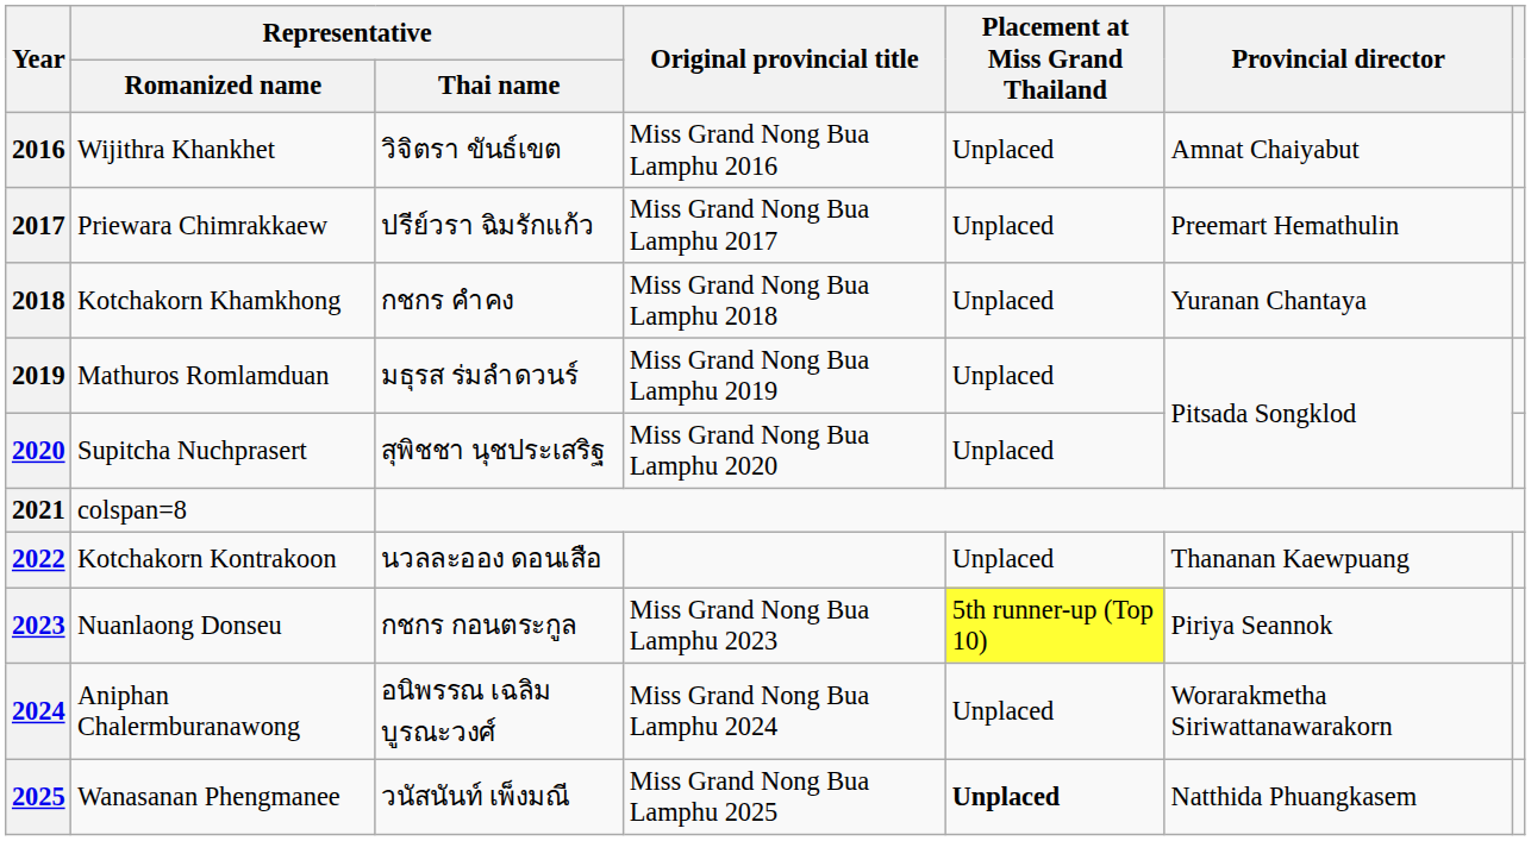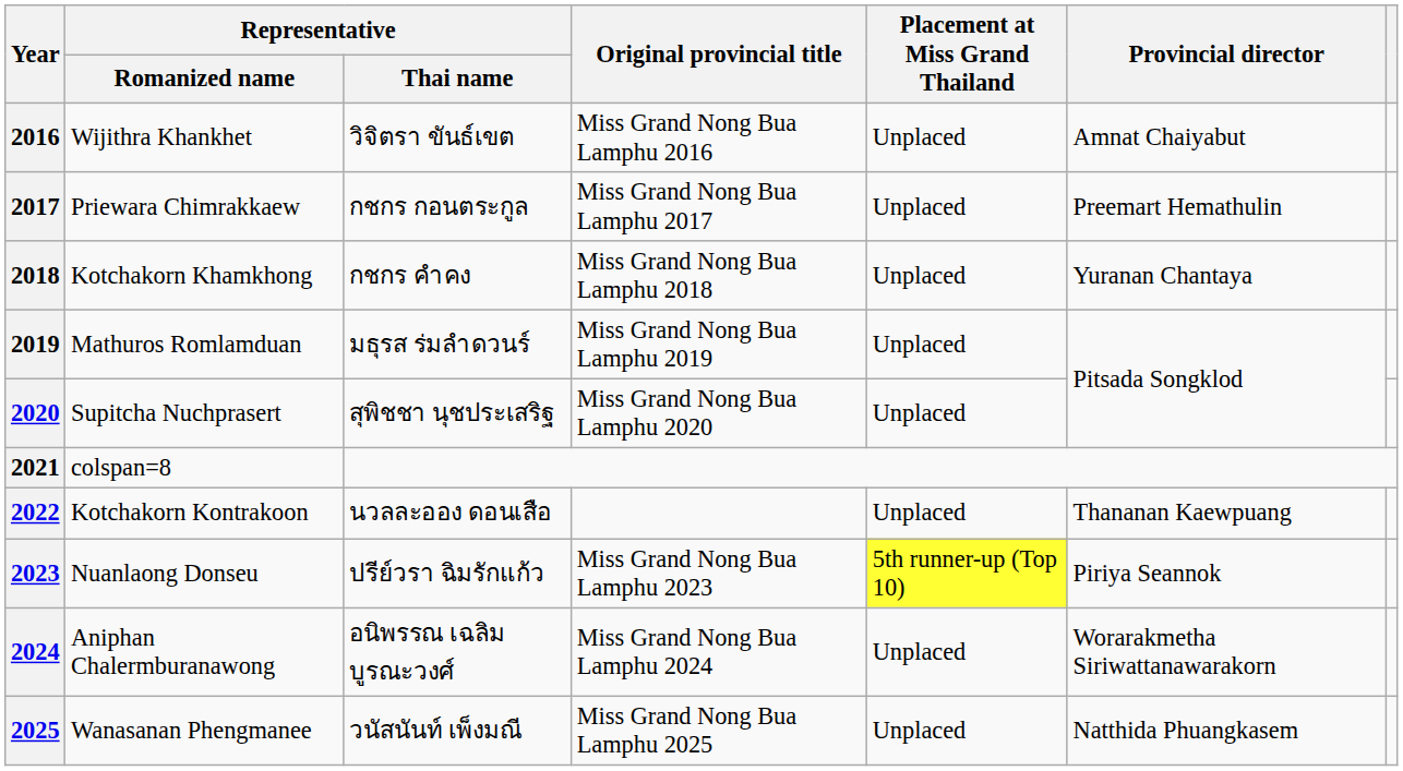 <table class="wikitable defaultcenter col2left col3left col6left" style="font-size:95%;">
 <tr>
 <th rowspan=2>Year</th>
 <th colspan=2>Representative</th>
 <th rowspan=2>Original provincial title</th>
 <th rowspan=2>Placement at<br>Miss Grand Thailand</th>
 <th rowspan=2>Provincial director</th>
 <th rowspan=2></th>
 </tr>
 <tr>
 <th>Romanized name</th>
 <th>Thai name</th>
 </tr>
 <tr>
 <th>2016</th>
 <td>Wijithra Khankhet</td>
 <td>วิจิตรา ขันธ์เขต</td>
 <td>Miss Grand Nong Bua Lamphu 2016</td>
 <td>Unplaced</td>
 <td>Amnat Chaiyabut</td>
 <td></td>
 </tr>
 <tr>
 <th>2017</th>
 <td>Priewara Chimrakkaew</td>
-<td>ปรีย์วรา ฉิมรักแก้ว</td>
+<td>กชกร กอนตระกูล</td>
 <td>Miss Grand Nong Bua Lamphu 2017</td>
 <td>Unplaced</td>
 <td>Preemart Hemathulin</td>
 <td></td>
 </tr>
 <tr>
 <th>2018</th>
 <td>Kotchakorn Khamkhong</td>
 <td>กชกร คำคง</td>
 <td>Miss Grand Nong Bua Lamphu 2018</td>
 <td>Unplaced</td>
 <td>Yuranan Chantaya</td>
 <td></td>
 </tr>
 <tr>
 <th>2019</th>
 <td>Mathuros Romlamduan</td>
 <td>มธุรส ร่มลำดวนร์</td>
 <td>Miss Grand Nong Bua Lamphu 2019</td>
 <td>Unplaced</td>
 <td rowspan=2>Pitsada Songklod</td>
 <td></td>
 </tr>
 <tr>
 <th><a href='#'>2020</a></th>
 <td>Supitcha Nuchprasert</td>
 <td>สุพิชชา นุชประเสริฐ</td>
 <td>Miss Grand Nong Bua Lamphu 2020</td>
 <td>Unplaced</td>
 <td></td>
 </tr>
 <tr>
 <th>2021</th>
 <td>colspan=8 </td>
 </tr>
 <tr>
 <th><a href='#'>2022</a></th>
 <td>Kotchakorn Kontrakoon</td>
 <td>นวลละออง ดอนเสือ</td>
 <td></td>
 <td>Unplaced</td>
 <td>Thananan Kaewpuang</td>
 <td></td>
 </tr>
 <tr>
 <th><a href='#'>2023</a></th>
 <td>Nuanlaong Donseu</td>
-<td>กชกร กอนตระกูล</td>
+<td>ปรีย์วรา ฉิมรักแก้ว</td>
 <td>Miss Grand Nong Bua Lamphu 2023</td>
 <td bgcolor=#FFFF33>5th runner-up (Top 10)</td>
 <td>Piriya Seannok</td>
 <td></td>
 </tr>
 <tr>
 <th><a href='#'>2024</a></th>
 <td>Aniphan Chalermburanawong</td>
 <td>อนิพรรณ เฉลิมบูรณะวงศ์</td>
 <td>Miss Grand Nong Bua Lamphu 2024</td>
 <td>Unplaced</td>
 <td>Worarakmetha Siriwattanawarakorn</td>
 <td></td>
 </tr>
 <tr>
 <th><a href='#'>2025</a></th>
 <td>Wanasanan Phengmanee</td>
 <td>วนัสนันท์ เพ็งมณี</td>
 <td>Miss Grand Nong Bua Lamphu 2025</td>
-<td><strong>Unplaced</strong></td>
+<td>Unplaced</td>
 <td>Natthida Phuangkasem</td>
 <td></td>
 </tr>
 </table>
